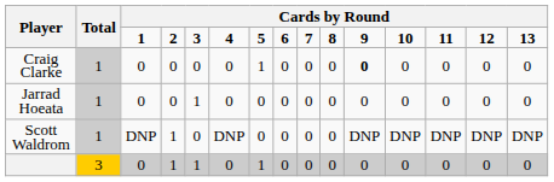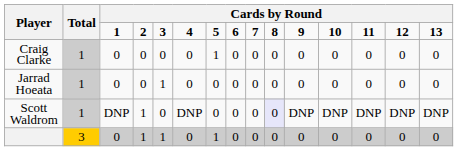 <table class="wikitable" style="text-align:center; line-height: 90%; font-size:90%;" width=80%>
 <tr>
 <th rowspan=2 width=12%>Player</th>
 <th rowspan=2 width=5%>Total</th>
 <th colspan=13>Cards by Round</th>
 </tr>
 <tr>
 <td width=4%><strong>1</strong></td>
 <td width=4%><strong>2</strong></td>
 <td width=4%><strong>3</strong></td>
 <td width=4%><strong>4</strong></td>
 <td width=4%><strong>5</strong></td>
 <td width=4%><strong>6</strong></td>
 <td width=4%><strong>7</strong></td>
 <td width=4%><strong>8</strong></td>
 <td width=4%><strong>9</strong></td>
 <td width=4%><strong>10</strong></td>
 <td width=4%><strong>11</strong></td>
 <td width=4%><strong>12</strong></td>
 <td width=4%><strong>13</strong></td>
 </tr>
 <tr>
 <td>Craig Clarke</td>
 <td bgcolor=#cccccc>1</td>
 <td>0</td>
 <td>0</td>
 <td>0</td>
 <td>0</td>
 <td>1</td>
 <td>0</td>
 <td>0</td>
 <td>0</td>
-<td><strong>0</strong></td>
+<td>0</td>
 <td>0</td>
 <td>0</td>
 <td>0</td>
 <td>0</td>
 </tr>
 <tr>
 <td>Jarrad Hoeata</td>
 <td bgcolor=#cccccc>1</td>
 <td>0</td>
 <td>0</td>
 <td>1</td>
 <td>0</td>
 <td>0</td>
 <td>0</td>
 <td>0</td>
 <td>0</td>
 <td>0</td>
 <td>0</td>
 <td>0</td>
 <td>0</td>
 <td>0</td>
 </tr>
 <tr>
 <td>Scott Waldrom</td>
 <td bgcolor=#cccccc>1</td>
 <td>DNP</td>
 <td>1</td>
 <td>0</td>
 <td>DNP</td>
 <td>0</td>
 <td>0</td>
 <td>0</td>
-<td>0</td>
+<td style="background: lavender;">0</td>
 <td>DNP</td>
 <td>DNP</td>
 <td>DNP</td>
 <td>DNP</td>
 <td>DNP</td>
 </tr>
 <tr>
 <th></th>
 <td bgcolor=#ffcc00>3</td>
 <td bgcolor=#cccccc>0</td>
 <td bgcolor=#cccccc>1</td>
 <td bgcolor=#cccccc>1</td>
 <td bgcolor=#cccccc>0</td>
 <td bgcolor=#cccccc>1</td>
 <td bgcolor=#cccccc>0</td>
 <td bgcolor=#cccccc>0</td>
 <td bgcolor=#cccccc>0</td>
 <td bgcolor=#cccccc>0</td>
 <td bgcolor=#cccccc>0</td>
 <td bgcolor=#cccccc>0</td>
 <td bgcolor=#cccccc>0</td>
 <td bgcolor=#cccccc>0</td>
 </tr>
 </table>
